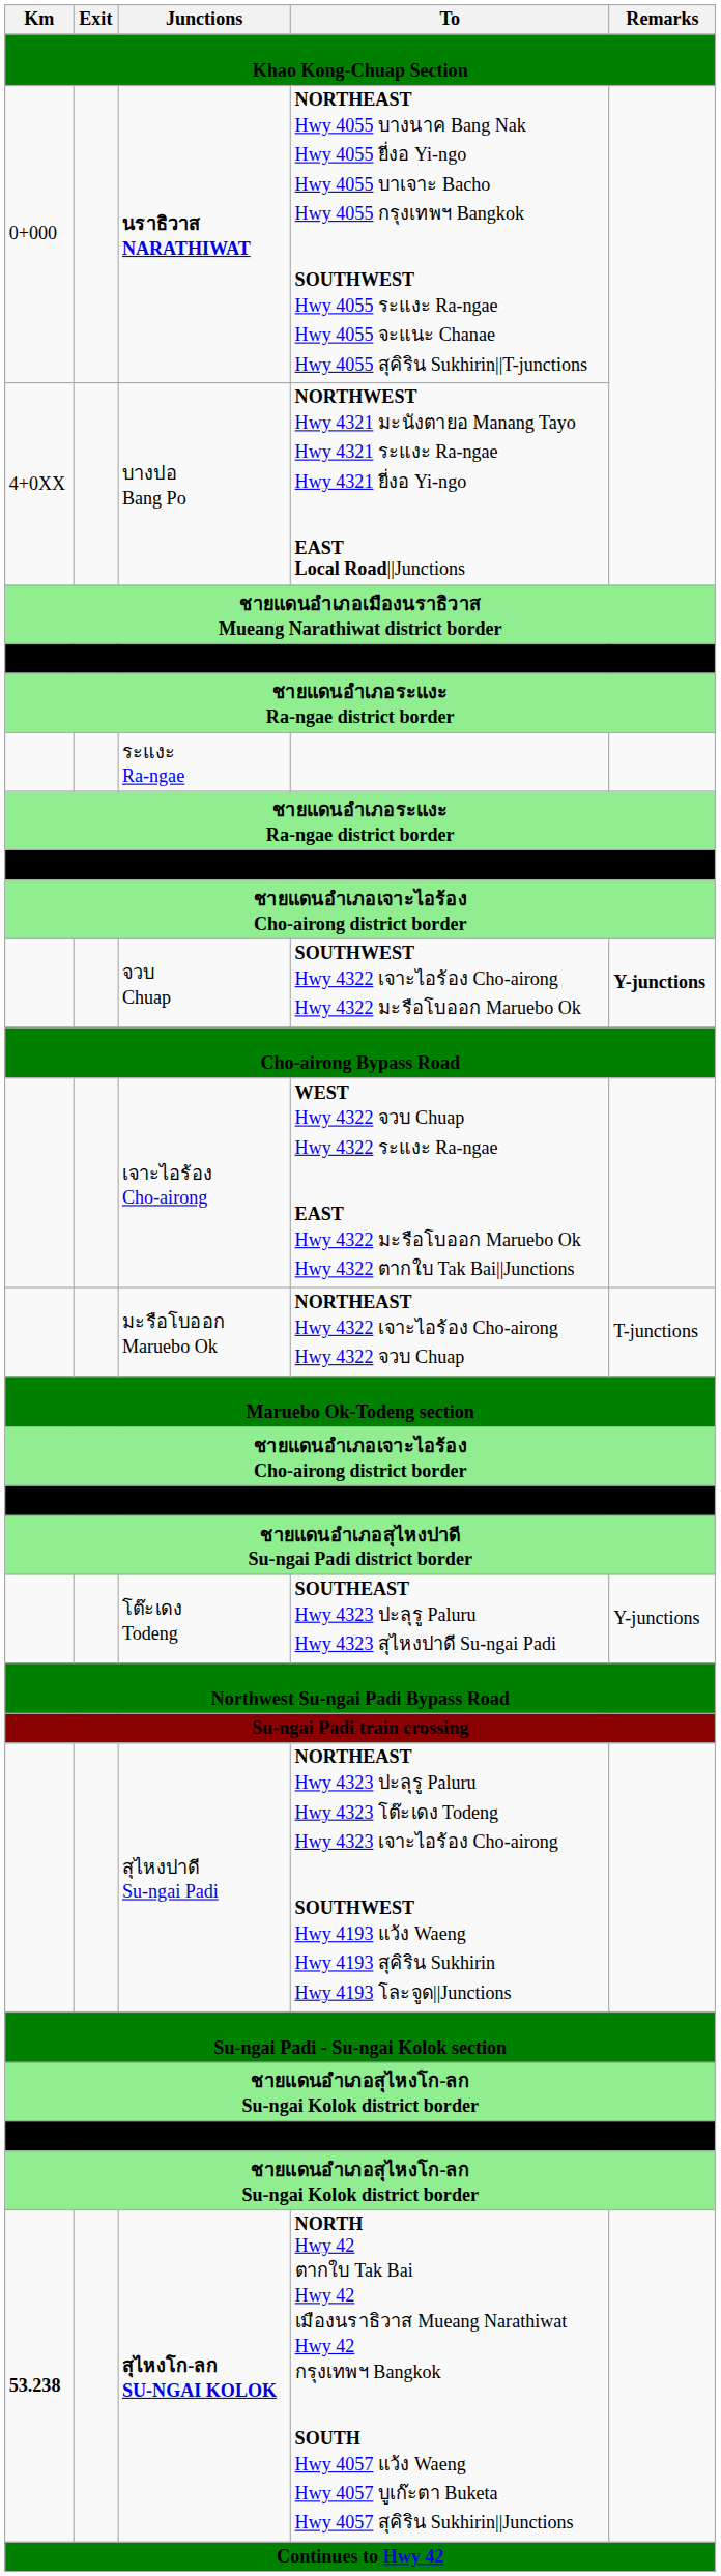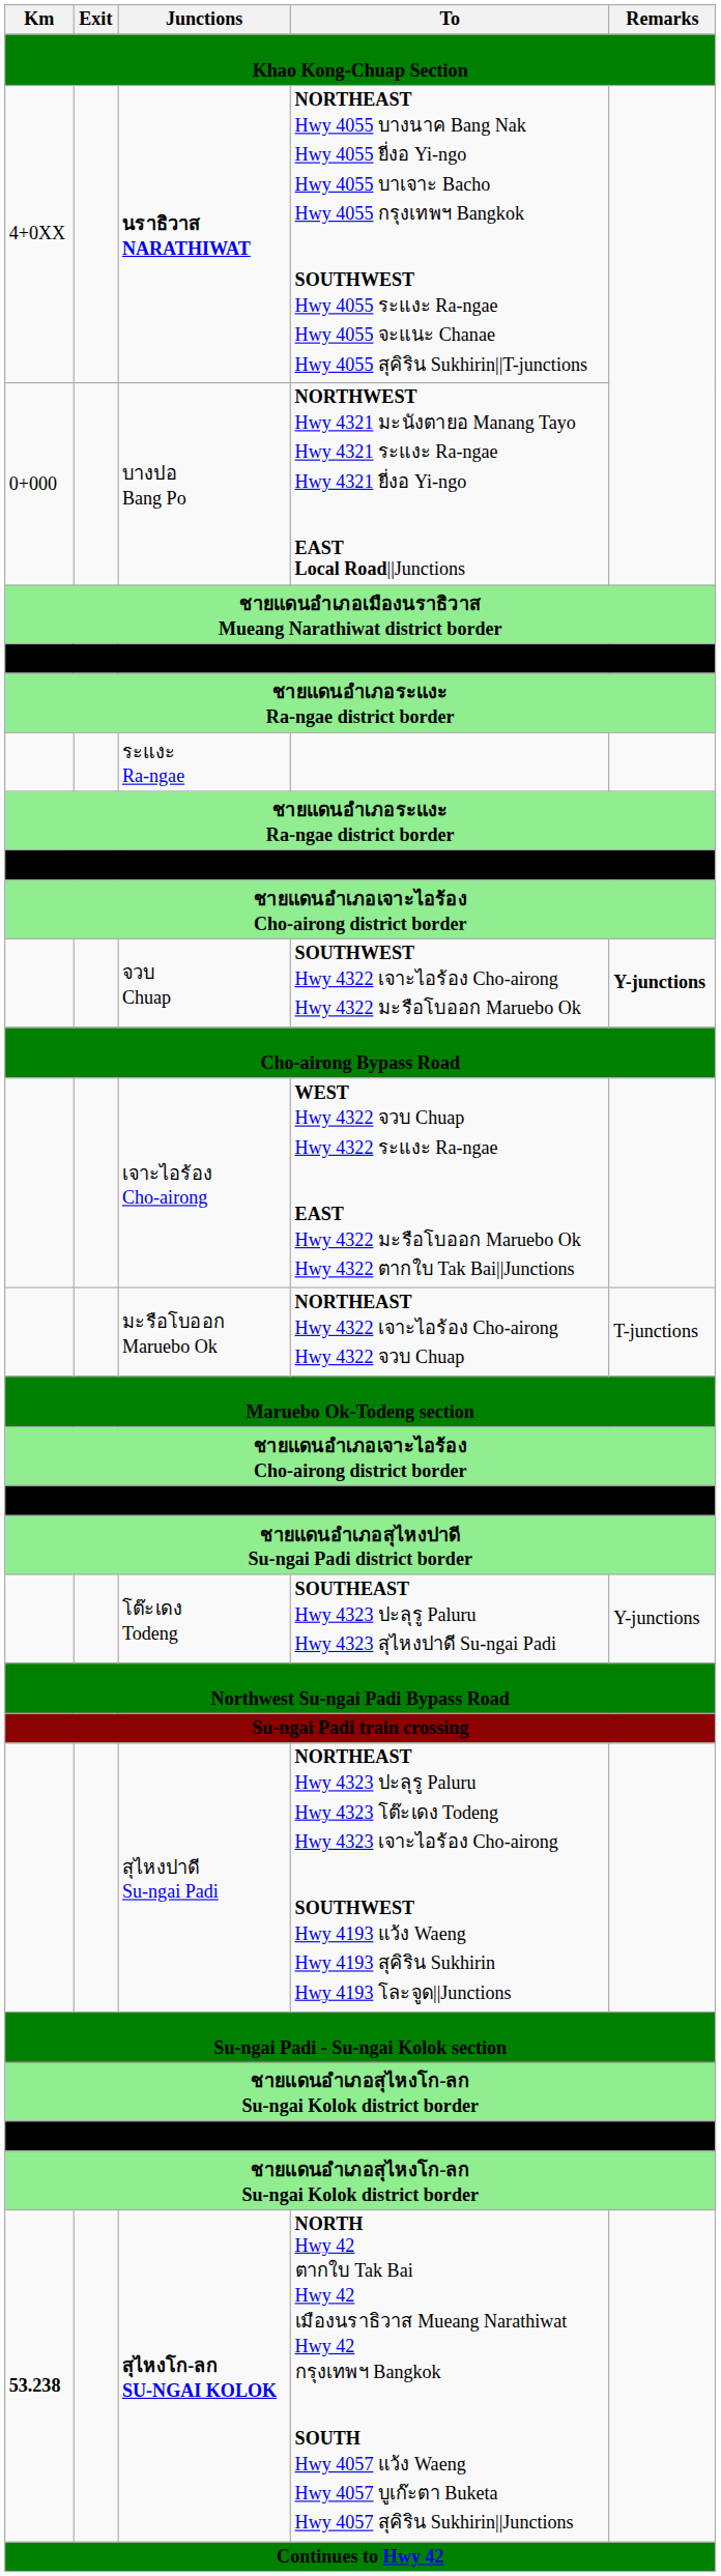 <table class="wikitable">
 <tr>
 <th>Km</th>
 <th>Exit</th>
 <th>Junctions</th>
 <th>To</th>
 <th>Remarks</th>
 </tr>
 <tr>
 <td colspan="6" style="width:600px; text-align:center; background:green;"><strong><br><span>Khao Kong-Chuap Section</span></strong></td>
 </tr>
 <tr>
-<td>0+000</td>
+<td>4+0XX</td>
 <td></td>
 <td><strong>นราธิวาส</strong><br><strong><a href='#'>NARATHIWAT</a></strong></td>
 <td><strong>NORTHEAST</strong><br> <a href='#'>Hwy 4055</a> บางนาค Bang Nak<br> <a href='#'>Hwy 4055</a> ยี่งอ Yi-ngo<br> <a href='#'>Hwy 4055</a> บาเจาะ Bacho<br> <a href='#'>Hwy 4055</a> กรุงเทพฯ Bangkok<br><br><br> <strong>SOUTHWEST</strong><br> <a href='#'>Hwy 4055</a> ระแงะ Ra-ngae<br> <a href='#'>Hwy 4055</a> จะแนะ Chanae<br> <a href='#'>Hwy 4055</a> สุคิริน Sukhirin||T-junctions</td>
 </tr>
 <tr>
-<td>4+0XX</td>
+<td>0+000</td>
 <td></td>
 <td>บางปอ<br>Bang Po</td>
 <td><strong>NORTHWEST</strong><br> <a href='#'>Hwy 4321</a> มะนังตายอ Manang Tayo<br> <a href='#'>Hwy 4321</a> ระแงะ Ra-ngae<br> <a href='#'>Hwy 4321</a> ยี่งอ Yi-ngo<br><br><br> <strong>EAST</strong><br><strong>Local Road</strong>||Junctions</td>
 </tr>
 <tr>
 <td colspan="6" style="width:600px; text-align:center; background:lightgreen;"><strong><span>ชายแดนอำเภอเมืองนราธิวาส<br>Mueang Narathiwat district border</span></strong></td>
 </tr>
 <tr>
 <td colspan="6" style="width:600px; text-align:center; background:black;"><strong><span>Mueang Narathiwat-Ra-ngae border</span></strong></td>
 </tr>
 <tr>
 <td colspan="6" style="width:600px; text-align:center; background:lightgreen;"><strong><span>ชายแดนอำเภอระแงะ<br>Ra-ngae district border</span></strong></td>
 </tr>
 <tr>
 <td></td>
 <td></td>
 <td>ระแงะ<br><a href='#'>Ra-ngae</a></td>
 <td></td>
 <td></td>
 </tr>
 <tr>
 <td colspan="6" style="width:600px; text-align:center; background:lightgreen;"><strong><span>ชายแดนอำเภอระแงะ<br>Ra-ngae district border</span></strong></td>
 </tr>
 <tr>
 <td colspan="6" style="width:600px; text-align:center; background:black;"><strong><span>Ra-ngae - Cho-airong border</span></strong></td>
 </tr>
 <tr>
 <td colspan="6" style="width:600px; text-align:center; background:lightgreen;"><strong><span>ชายแดนอำเภอเจาะไอร้อง<br>Cho-airong district border</span></strong></td>
 </tr>
 <tr>
 <td></td>
 <td></td>
 <td>จวบ<br>Chuap</td>
 <td><strong>SOUTHWEST</strong><br> <a href='#'>Hwy 4322</a> เจาะไอร้อง Cho-airong<br> <a href='#'>Hwy 4322</a> มะรือโบออก Maruebo Ok</td>
 <td><strong>Y-junctions</strong></td>
 </tr>
 <tr>
 <td colspan="6" style="width:600px; text-align:center; background:green;"><strong><br><span>Cho-airong Bypass Road</span></strong></td>
 </tr>
 <tr>
 <td></td>
 <td></td>
 <td>เจาะไอร้อง<br><a href='#'>Cho-airong</a></td>
 <td><strong>WEST</strong><br> <a href='#'>Hwy 4322</a> จวบ Chuap<br> <a href='#'>Hwy 4322</a> ระแงะ Ra-ngae<br><br><br> <strong>EAST</strong><br> <a href='#'>Hwy 4322</a> มะรือโบออก Maruebo Ok<br> <a href='#'>Hwy 4322</a> ตากใบ Tak Bai||Junctions</td>
 </tr>
 <tr>
 <td></td>
 <td></td>
 <td>มะรือโบออก<br>Maruebo Ok</td>
 <td><strong>NORTHEAST</strong><br> <a href='#'>Hwy 4322</a> เจาะไอร้อง Cho-airong<br> <a href='#'>Hwy 4322</a> จวบ Chuap</td>
 <td>T-junctions</td>
 </tr>
 <tr>
 <td colspan="6" style="width:600px; text-align:center; background:green;"><strong><br><span>Maruebo Ok-Todeng section</span></strong></td>
 </tr>
 <tr>
 <td colspan="6" style="width:600px; text-align:center; background:lightgreen;"><strong><span>ชายแดนอำเภอเจาะไอร้อง<br>Cho-airong district border</span></strong></td>
 </tr>
 <tr>
 <td colspan="6" style="width:600px; text-align:center; background:black;"><strong><span>Cho-airong - Su-ngai Padi border</span></strong></td>
 </tr>
 <tr>
 <td colspan="6" style="width:600px; text-align:center; background:lightgreen;"><strong><span>ชายแดนอำเภอสุไหงปาดี<br>Su-ngai Padi district border</span></strong></td>
 </tr>
 <tr>
 <td></td>
 <td></td>
 <td>โต๊ะเดง<br>Todeng</td>
 <td><strong>SOUTHEAST</strong><br> <a href='#'>Hwy 4323</a> ปะลุรู Paluru<br> <a href='#'>Hwy 4323</a> สุไหงปาดี Su-ngai Padi</td>
 <td>Y-junctions</td>
 </tr>
 <tr>
 <td colspan="6" style="width:600px; text-align:center; background:green;"><strong><br><span>Northwest Su-ngai Padi Bypass Road</span></strong></td>
 </tr>
 <tr>
 <td colspan="6" style="width:600px; text-align:center; background:darkred;"><strong><span>Su-ngai Padi train crossing</span></strong></td>
 </tr>
 <tr>
 <td></td>
 <td></td>
 <td>สุไหงปาดี<br><a href='#'>Su-ngai Padi</a></td>
 <td><strong>NORTHEAST</strong><br> <a href='#'>Hwy 4323</a> ปะลุรู Paluru<br> <a href='#'>Hwy 4323</a> โต๊ะเดง Todeng<br> <a href='#'>Hwy 4323</a> เจาะไอร้อง Cho-airong<br><br><br> <strong>SOUTHWEST</strong><br> <a href='#'>Hwy 4193</a> แว้ง Waeng <br> <a href='#'>Hwy 4193</a> สุคิริน Sukhirin<br> <a href='#'>Hwy 4193</a> โละจูด||Junctions</td>
 </tr>
 <tr>
 <td colspan="6" style="width:600px; text-align:center; background:green;"><strong><br><span>Su-ngai Padi - Su-ngai Kolok section</span></strong></td>
 </tr>
 <tr>
 <td colspan="6" style="width:600px; text-align:center; background:lightgreen;"><strong><span>ชายแดนอำเภอสุไหงโก-ลก<br>Su-ngai Kolok district border</span></strong></td>
 </tr>
 <tr>
 <td colspan="6" style="width:600px; text-align:center; background:black;"><strong><span>Su-ngai Padi - Su-ngai Kolok border</span></strong></td>
 </tr>
 <tr>
 <td colspan="6" style="width:600px; text-align:center; background:lightgreen;"><strong><span>ชายแดนอำเภอสุไหงโก-ลก<br>Su-ngai Kolok district border</span></strong></td>
 </tr>
 <tr>
 <td><br><strong>53.238</strong></td>
 <td></td>
 <td><strong>สุไหงโก-ลก</strong><br><strong><a href='#'>SU-NGAI KOLOK</a></strong></td>
 <td><strong>NORTH</strong><br> <a href='#'>Hwy 42</a><br> ตากใบ Tak Bai<br> <a href='#'>Hwy 42</a><br> เมืองนราธิวาส Mueang Narathiwat<br> <a href='#'>Hwy 42</a><br> กรุงเทพฯ Bangkok<br><br><br> <strong>SOUTH</strong><br> <a href='#'>Hwy 4057</a> แว้ง Waeng<br> <a href='#'>Hwy 4057</a> บูเก๊ะตา Buketa<br> <a href='#'>Hwy 4057</a> สุคิริน Sukhirin||Junctions</td>
 </tr>
 <tr>
 <td colspan="6" style="width:600px; text-align:center; background:green;"><strong><span>Continues to  <a href='#'>Hwy 42</a> </span></strong></td>
 </tr>
 <tr>
 </tr>
 </table>
